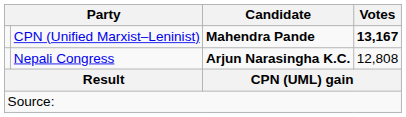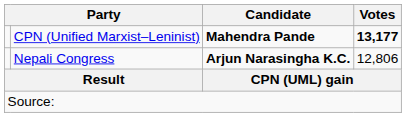 <table class="wikitable">
 <tr>
 <th colspan="2">Party</th>
 <th>Candidate</th>
 <th>Votes</th>
 </tr>
 <tr>
 <td style="background-color:"></td>
 <td><a href='#'>CPN (Unified Marxist–Leninist)</a></td>
 <td><strong>Mahendra Pande</strong></td>
-<td><strong>13,167</strong></td>
+<td><strong>13,177</strong></td>
 </tr>
 <tr>
 <td style="background-color:"></td>
 <td><a href='#'>Nepali Congress</a></td>
 <td><strong>Arjun Narasingha K.C.</strong></td>
-<td>12,808</td>
+<td>12,806</td>
 </tr>
 <tr>
 <th colspan="2">Result</th>
 <th colspan="2">CPN (UML) gain</th>
 </tr>
 <tr>
 <td colspan="4">Source: </td>
 </tr>
 </table>
